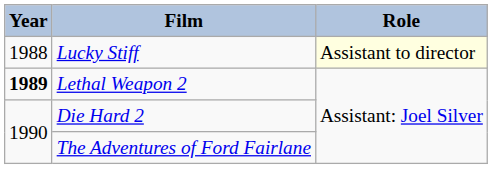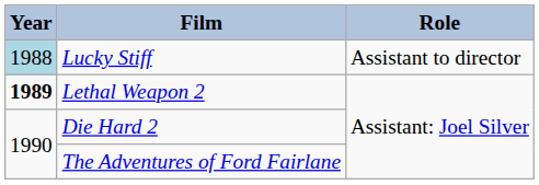 <table class="wikitable" style="font-size:95%;">
 <tr>
 <th style="background:#B0C4DE;">Year</th>
 <th style="background:#B0C4DE;">Film</th>
 <th style="background:#B0C4DE;">Role</th>
 </tr>
 <tr>
-<td>1988</td>
+<td style="background: lightblue;">1988</td>
 <td><em><a href='#'>Lucky Stiff</a></em></td>
-<td style="background: lightyellow;">Assistant to director</td>
+<td>Assistant to director</td>
 </tr>
 <tr>
 <td><strong>1989</strong></td>
 <td><em><a href='#'>Lethal Weapon 2</a></em></td>
 <td rowspan=3>Assistant: <a href='#'>Joel Silver</a></td>
 </tr>
 <tr>
 <td rowspan=2>1990</td>
 <td><em><a href='#'>Die Hard 2</a></em></td>
 </tr>
 <tr>
 <td><em><a href='#'>The Adventures of Ford Fairlane</a></em></td>
 </tr>
 </table>
